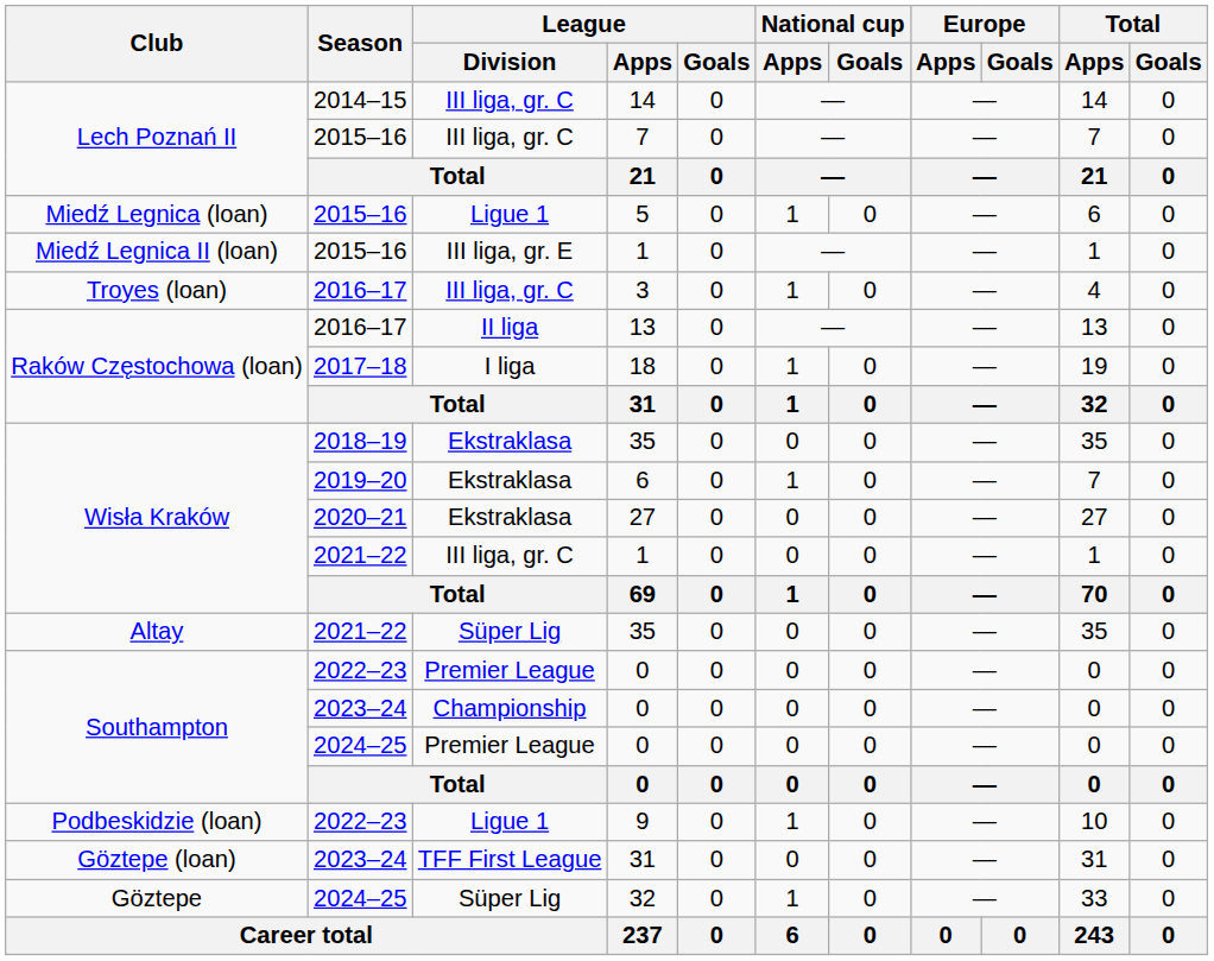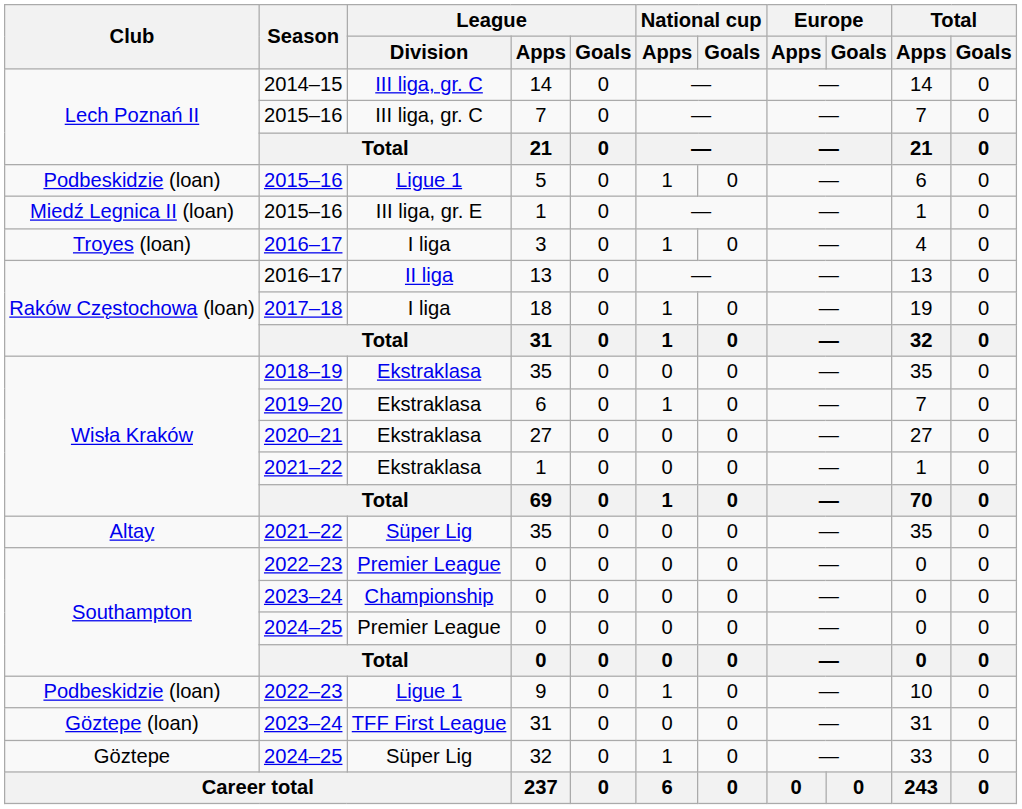 <table class="wikitable" style="text-align: center;">
 <tr>
 <th rowspan="2">Club</th>
 <th rowspan="2">Season</th>
 <th colspan="3">League</th>
 <th colspan="2">National cup</th>
 <th colspan="2">Europe</th>
 <th colspan="2">Total</th>
 </tr>
 <tr>
 <th>Division</th>
 <th>Apps</th>
 <th>Goals</th>
 <th>Apps</th>
 <th>Goals</th>
 <th>Apps</th>
 <th>Goals</th>
 <th>Apps</th>
 <th>Goals</th>
 </tr>
 <tr>
 <td rowspan="3"><a href='#'>Lech Poznań II</a></td>
 <td>2014–15</td>
 <td><a href='#'>III liga, gr. C</a></td>
 <td>14</td>
 <td>0</td>
 <td colspan="2">—</td>
 <td colspan="2">—</td>
 <td>14</td>
 <td>0</td>
 </tr>
 <tr>
 <td>2015–16</td>
 <td>III liga, gr. C</td>
 <td>7</td>
 <td>0</td>
 <td colspan="2">—</td>
 <td colspan="2">—</td>
 <td>7</td>
 <td>0</td>
 </tr>
 <tr>
 <th colspan="2">Total</th>
 <th>21</th>
 <th>0</th>
 <th colspan="2">—</th>
 <th colspan="2">—</th>
 <th>21</th>
 <th>0</th>
 </tr>
 <tr>
-<td><a href='#'>Miedź Legnica</a> (loan)</td>
+<td><a href='#'>Podbeskidzie</a> (loan)</td>
 <td><a href='#'>2015–16</a></td>
 <td><a href='#'>Ligue 1</a></td>
 <td>5</td>
 <td>0</td>
 <td>1</td>
 <td>0</td>
 <td colspan="2">—</td>
 <td>6</td>
 <td>0</td>
 </tr>
 <tr>
 <td><a href='#'>Miedź Legnica II</a> (loan)</td>
 <td>2015–16</td>
 <td>III liga, gr. E</td>
 <td>1</td>
 <td>0</td>
 <td colspan="2">—</td>
 <td colspan="2">—</td>
 <td>1</td>
 <td>0</td>
 </tr>
 <tr>
 <td><a href='#'>Troyes</a> (loan)</td>
 <td><a href='#'>2016–17</a></td>
-<td><a href='#'>III liga, gr. C</a></td>
+<td>I liga</td>
 <td>3</td>
 <td>0</td>
 <td>1</td>
 <td>0</td>
 <td colspan="2">—</td>
 <td>4</td>
 <td>0</td>
 </tr>
 <tr>
 <td rowspan="3"><a href='#'>Raków Częstochowa</a> (loan)</td>
 <td>2016–17</td>
 <td><a href='#'>II liga</a></td>
 <td>13</td>
 <td>0</td>
 <td colspan="2">—</td>
 <td colspan="2">—</td>
 <td>13</td>
 <td>0</td>
 </tr>
 <tr>
 <td><a href='#'>2017–18</a></td>
 <td>I liga</td>
 <td>18</td>
 <td>0</td>
 <td>1</td>
 <td>0</td>
 <td colspan="2">—</td>
 <td>19</td>
 <td>0</td>
 </tr>
 <tr>
 <th colspan="2">Total</th>
 <th>31</th>
 <th>0</th>
 <th>1</th>
 <th>0</th>
 <th colspan="2">—</th>
 <th>32</th>
 <th>0</th>
 </tr>
 <tr>
 <td rowspan="5"><a href='#'>Wisła Kraków</a></td>
 <td><a href='#'>2018–19</a></td>
 <td><a href='#'>Ekstraklasa</a></td>
 <td>35</td>
 <td>0</td>
 <td>0</td>
 <td>0</td>
 <td colspan="2">—</td>
 <td>35</td>
 <td>0</td>
 </tr>
 <tr>
 <td><a href='#'>2019–20</a></td>
 <td>Ekstraklasa</td>
 <td>6</td>
 <td>0</td>
 <td>1</td>
 <td>0</td>
 <td colspan="2">—</td>
 <td>7</td>
 <td>0</td>
 </tr>
 <tr>
 <td><a href='#'>2020–21</a></td>
 <td>Ekstraklasa</td>
 <td>27</td>
 <td>0</td>
 <td>0</td>
 <td>0</td>
 <td colspan="2">—</td>
 <td>27</td>
 <td>0</td>
 </tr>
 <tr>
 <td><a href='#'>2021–22</a></td>
-<td>III liga, gr. C</td>
+<td>Ekstraklasa</td>
 <td>1</td>
 <td>0</td>
 <td>0</td>
 <td>0</td>
 <td colspan="2">—</td>
 <td>1</td>
 <td>0</td>
 </tr>
 <tr>
 <th colspan="2">Total</th>
 <th>69</th>
 <th>0</th>
 <th>1</th>
 <th>0</th>
 <th colspan="2">—</th>
 <th>70</th>
 <th>0</th>
 </tr>
 <tr>
 <td><a href='#'>Altay</a></td>
 <td><a href='#'>2021–22</a></td>
 <td><a href='#'>Süper Lig</a></td>
 <td>35</td>
 <td>0</td>
 <td>0</td>
 <td>0</td>
 <td colspan="2">—</td>
 <td>35</td>
 <td>0</td>
 </tr>
 <tr>
 <td rowspan="4"><a href='#'>Southampton</a></td>
 <td><a href='#'>2022–23</a></td>
 <td><a href='#'>Premier League</a></td>
 <td>0</td>
 <td>0</td>
 <td>0</td>
 <td>0</td>
 <td colspan="2">—</td>
 <td>0</td>
 <td>0</td>
 </tr>
 <tr>
 <td><a href='#'>2023–24</a></td>
 <td><a href='#'>Championship</a></td>
 <td>0</td>
 <td>0</td>
 <td>0</td>
 <td>0</td>
 <td colspan="2">—</td>
 <td>0</td>
 <td>0</td>
 </tr>
 <tr>
 <td><a href='#'>2024–25</a></td>
 <td>Premier League</td>
 <td>0</td>
 <td>0</td>
 <td>0</td>
 <td>0</td>
 <td colspan="2">—</td>
 <td>0</td>
 <td>0</td>
 </tr>
 <tr>
 <th colspan="2">Total</th>
 <th>0</th>
 <th>0</th>
 <th>0</th>
 <th>0</th>
 <th colspan="2">—</th>
 <th>0</th>
 <th>0</th>
 </tr>
 <tr>
 <td><a href='#'>Podbeskidzie</a> (loan)</td>
 <td><a href='#'>2022–23</a></td>
 <td><a href='#'>Ligue 1</a></td>
 <td>9</td>
 <td>0</td>
 <td>1</td>
 <td>0</td>
 <td colspan="2">—</td>
 <td>10</td>
 <td>0</td>
 </tr>
 <tr>
 <td><a href='#'>Göztepe</a> (loan)</td>
 <td><a href='#'>2023–24</a></td>
 <td><a href='#'>TFF First League</a></td>
 <td>31</td>
 <td>0</td>
 <td>0</td>
 <td>0</td>
 <td colspan="2">—</td>
 <td>31</td>
 <td>0</td>
 </tr>
 <tr>
 <td>Göztepe</td>
 <td><a href='#'>2024–25</a></td>
 <td>Süper Lig</td>
 <td>32</td>
 <td>0</td>
 <td>1</td>
 <td>0</td>
 <td colspan="2">—</td>
 <td>33</td>
 <td>0</td>
 </tr>
 <tr>
 <th colspan="3">Career total</th>
 <th>237</th>
 <th>0</th>
 <th>6</th>
 <th>0</th>
 <th>0</th>
 <th>0</th>
 <th>243</th>
 <th>0</th>
 </tr>
 </table>
